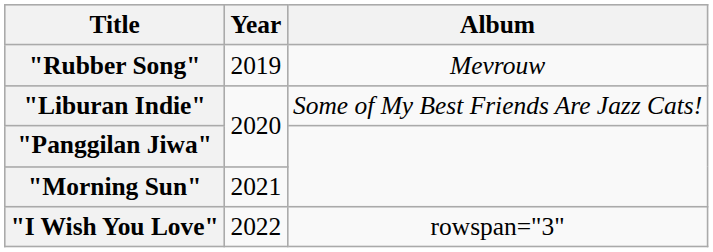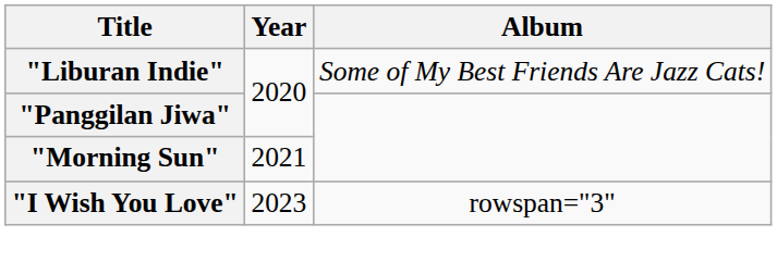 <table class="wikitable plainrowheaders" style="text-align:center">
 <tr>
 <th scope="col">Title</th>
 <th>Year</th>
 <th scope="col">Album</th>
-</tr>
-<tr>
-<th scope="row">"Rubber Song"<br></th>
-<td>2019</td>
-<td><em>Mevrouw</em></td>
 </tr>
 <tr>
 <th scope="row">"Liburan Indie"<br></th>
 <td rowspan="2">2020</td>
 <td><em>Some of My Best Friends Are Jazz Cats!</em></td>
 </tr>
 <tr>
 <th scope="row">"Panggilan Jiwa"<br></th>
 </tr>
 <tr>
 <th scope="row">"Morning Sun"<br></th>
 <td>2021</td>
 </tr>
 <tr>
 <th scope="row">"I Wish You Love"<br></th>
-<td>2022</td>
+<td>2023</td>
 <td>rowspan="3" </td>
 </tr>
 </table>
